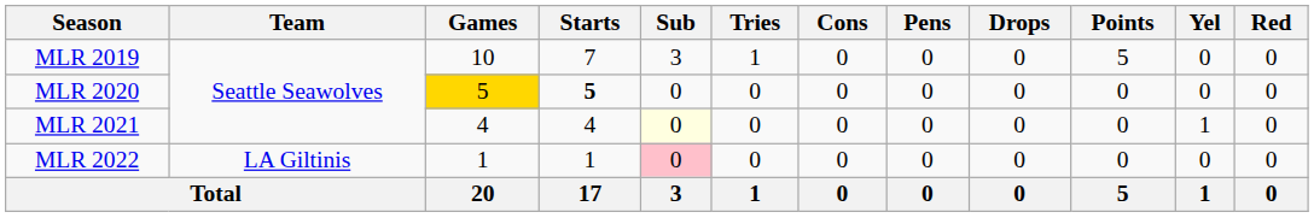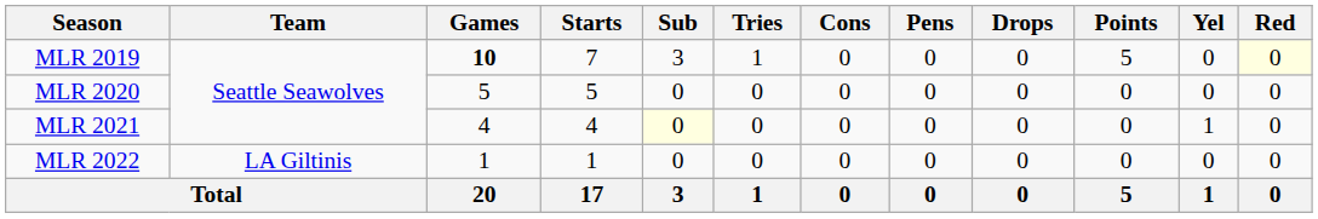 <table class="wikitable" style="text-align:center; line-height:100%; font-size:100%; width:70%;">
 <tr>
 <th>Season</th>
 <th>Team</th>
 <th>Games</th>
 <th>Starts</th>
 <th>Sub</th>
 <th>Tries</th>
 <th>Cons</th>
 <th>Pens</th>
 <th>Drops</th>
 <th>Points</th>
 <th>Yel</th>
 <th>Red</th>
 </tr>
 <tr>
 <td><a href='#'>MLR 2019</a></td>
 <td rowspan="3"><a href='#'>Seattle Seawolves</a></td>
-<td>10</td>
+<td><strong>10</strong></td>
 <td>7</td>
 <td>3</td>
 <td>1</td>
 <td>0</td>
 <td>0</td>
 <td>0</td>
 <td>5</td>
 <td>0</td>
-<td>0</td>
+<td style="background: lightyellow;">0</td>
 </tr>
 <tr>
 <td><a href='#'>MLR 2020</a></td>
-<td style="background: gold;">5</td>
-<td><strong>5</strong></td>
+<td>5</td>
+<td>5</td>
 <td>0</td>
 <td>0</td>
 <td>0</td>
 <td>0</td>
 <td>0</td>
 <td>0</td>
 <td>0</td>
 <td>0</td>
 </tr>
 <tr>
 <td><a href='#'>MLR 2021</a></td>
 <td>4</td>
 <td>4</td>
 <td style="background: lightyellow;">0</td>
 <td>0</td>
 <td>0</td>
 <td>0</td>
 <td>0</td>
 <td>0</td>
 <td>1</td>
 <td>0</td>
 </tr>
 <tr>
 <td><a href='#'>MLR 2022</a></td>
 <td><a href='#'>LA Giltinis</a></td>
 <td>1</td>
 <td>1</td>
-<td style="background: pink;">0</td>
+<td>0</td>
 <td>0</td>
 <td>0</td>
 <td>0</td>
 <td>0</td>
 <td>0</td>
 <td>0</td>
 <td>0</td>
 </tr>
 <tr>
 <th colspan="2">Total</th>
 <th>20</th>
 <th>17</th>
 <th>3</th>
 <th>1</th>
 <th>0</th>
 <th>0</th>
 <th>0</th>
 <th>5</th>
 <th>1</th>
 <th>0</th>
 </tr>
 </table>
